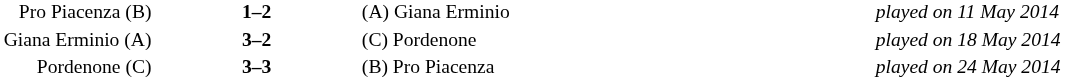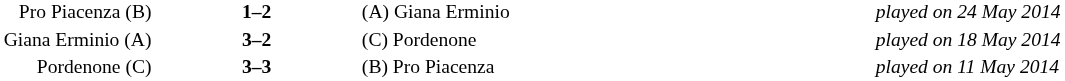 <table width="100%" cellspacing="1">
 <tr>
 <th width="30%"></th>
 <th width="12%"></th>
 <th width="30%"></th>
 <th width="30%'"></th>
 <th></th>
 </tr>
 <tr style="font-size:90%;">
 <td align="right">Pro Piacenza (B)</td>
 <td align="center"><strong>1–2</strong></td>
 <td align="left">(A) Giana Erminio</td>
-<td align="left"><em>played on 11 May 2014</em></td>
+<td align="left"><em>played on 24 May 2014</em></td>
 </tr>
 <tr style="font-size:90%;">
 <td align="right">Giana Erminio (A)</td>
 <td align="center"><strong>3–2</strong></td>
 <td align="left">(C) Pordenone</td>
 <td align="left"><em>played on 18 May 2014</em></td>
 </tr>
 <tr style="font-size:90%;">
 <td align="right">Pordenone (C)</td>
 <td align="center"><strong>3–3</strong></td>
 <td align="left">(B) Pro Piacenza</td>
-<td align="left"><em>played on 24 May 2014</em></td>
+<td align="left"><em>played on 11 May 2014</em></td>
 </tr>
 </table>
